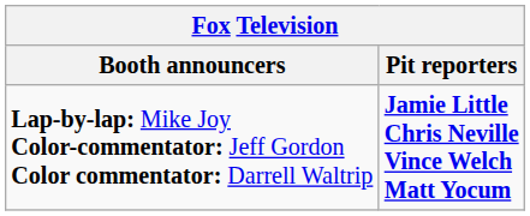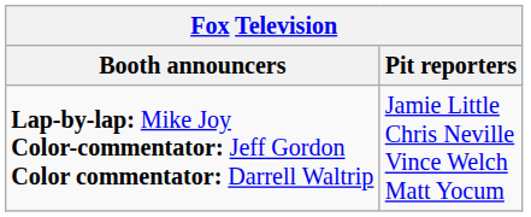 <table class="wikitable" style="font-size: 95%;">
 <tr>
 <th colspan="2"><a href='#'>Fox</a> <a href='#'>Television</a></th>
 </tr>
 <tr>
 <th>Booth announcers</th>
 <th>Pit reporters</th>
 </tr>
 <tr>
 <td><strong>Lap-by-lap:</strong> <a href='#'>Mike Joy</a><br><strong>Color-commentator:</strong> <a href='#'>Jeff Gordon</a><br><strong>Color commentator:</strong> <a href='#'>Darrell Waltrip</a></td>
-<td><strong><a href='#'>Jamie Little</a><br><a href='#'>Chris Neville</a><br><a href='#'>Vince Welch</a><br><a href='#'>Matt Yocum</a></strong></td>
+<td><a href='#'>Jamie Little</a><br><a href='#'>Chris Neville</a><br><a href='#'>Vince Welch</a><br><a href='#'>Matt Yocum</a></td>
 </tr>
 </table>
